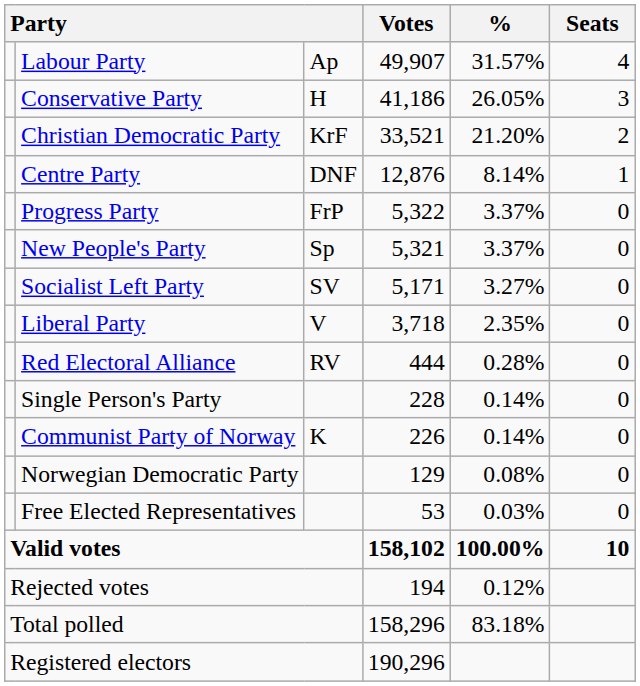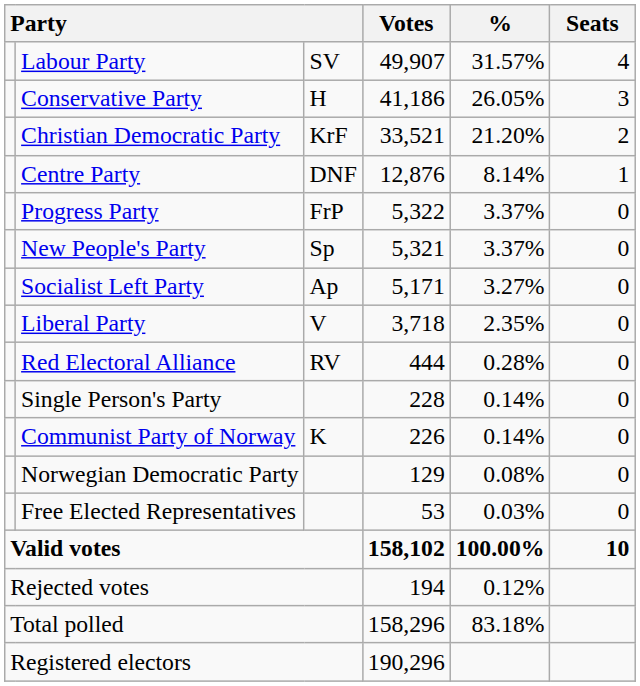 <table class="wikitable" border="1" style="text-align:right;">
 <tr>
 <th style="text-align:left;" colspan=3>Party</th>
 <th align=center width="50">Votes</th>
 <th align=center width="50">%</th>
 <th align=center width="50">Seats</th>
 </tr>
 <tr>
 <td style="color:inherit;background:"></td>
 <td align=left><a href='#'>Labour Party</a></td>
-<td align=left>Ap</td>
+<td align=left>SV</td>
 <td>49,907</td>
 <td>31.57%</td>
 <td>4</td>
 </tr>
 <tr>
 <td style="color:inherit;background:"></td>
 <td align=left><a href='#'>Conservative Party</a></td>
 <td align=left>H</td>
 <td>41,186</td>
 <td>26.05%</td>
 <td>3</td>
 </tr>
 <tr>
 <td style="color:inherit;background:"></td>
 <td align=left><a href='#'>Christian Democratic Party</a></td>
 <td align=left>KrF</td>
 <td>33,521</td>
 <td>21.20%</td>
 <td>2</td>
 </tr>
 <tr>
 <td style="color:inherit;background:"></td>
 <td align=left><a href='#'>Centre Party</a></td>
 <td align=left>DNF</td>
 <td>12,876</td>
 <td>8.14%</td>
 <td>1</td>
 </tr>
 <tr>
 <td style="color:inherit;background:"></td>
 <td align=left><a href='#'>Progress Party</a></td>
 <td align=left>FrP</td>
 <td>5,322</td>
 <td>3.37%</td>
 <td>0</td>
 </tr>
 <tr>
 <td style="color:inherit;background:"></td>
 <td align=left><a href='#'>New People's Party</a></td>
 <td align=left>Sp</td>
 <td>5,321</td>
 <td>3.37%</td>
 <td>0</td>
 </tr>
 <tr>
 <td style="color:inherit;background:"></td>
 <td align=left><a href='#'>Socialist Left Party</a></td>
-<td align=left>SV</td>
+<td align=left>Ap</td>
 <td>5,171</td>
 <td>3.27%</td>
 <td>0</td>
 </tr>
 <tr>
 <td style="color:inherit;background:"></td>
 <td align=left><a href='#'>Liberal Party</a></td>
 <td align=left>V</td>
 <td>3,718</td>
 <td>2.35%</td>
 <td>0</td>
 </tr>
 <tr>
 <td style="color:inherit;background:"></td>
 <td align=left><a href='#'>Red Electoral Alliance</a></td>
 <td align=left>RV</td>
 <td>444</td>
 <td>0.28%</td>
 <td>0</td>
 </tr>
 <tr>
 <td></td>
 <td align=left>Single Person's Party</td>
 <td align=left></td>
 <td>228</td>
 <td>0.14%</td>
 <td>0</td>
 </tr>
 <tr>
 <td style="color:inherit;background:"></td>
 <td align=left><a href='#'>Communist Party of Norway</a></td>
 <td align=left>K</td>
 <td>226</td>
 <td>0.14%</td>
 <td>0</td>
 </tr>
 <tr>
 <td></td>
 <td align=left>Norwegian Democratic Party</td>
 <td align=left></td>
 <td>129</td>
 <td>0.08%</td>
 <td>0</td>
 </tr>
 <tr>
 <td></td>
 <td align=left>Free Elected Representatives</td>
 <td align=left></td>
 <td>53</td>
 <td>0.03%</td>
 <td>0</td>
 </tr>
 <tr style="font-weight:bold">
 <td align=left colspan=3>Valid votes</td>
 <td>158,102</td>
 <td>100.00%</td>
 <td>10</td>
 </tr>
 <tr>
 <td align=left colspan=3>Rejected votes</td>
 <td>194</td>
 <td>0.12%</td>
 <td></td>
 </tr>
 <tr>
 <td align=left colspan=3>Total polled</td>
 <td>158,296</td>
 <td>83.18%</td>
 <td></td>
 </tr>
 <tr>
 <td align=left colspan=3>Registered electors</td>
 <td>190,296</td>
 <td></td>
 <td></td>
 </tr>
 </table>
